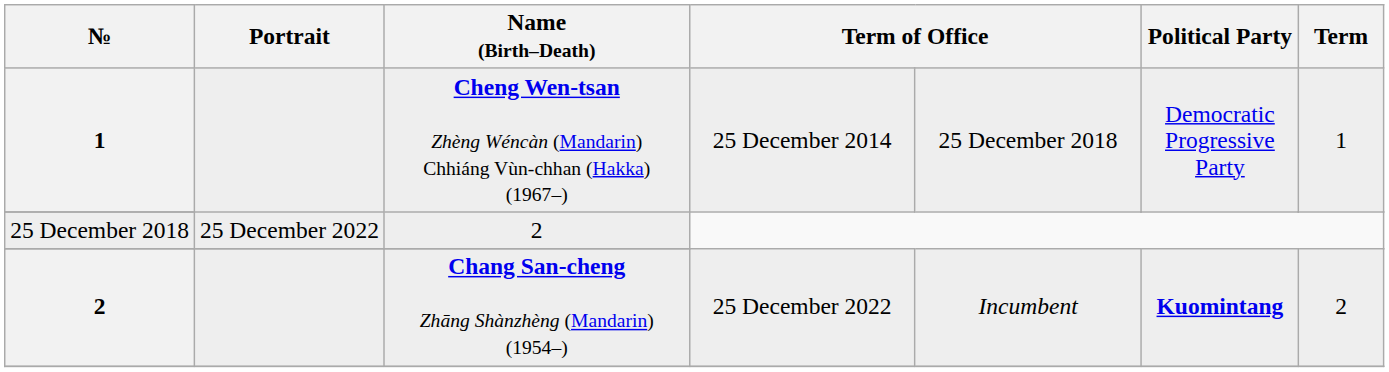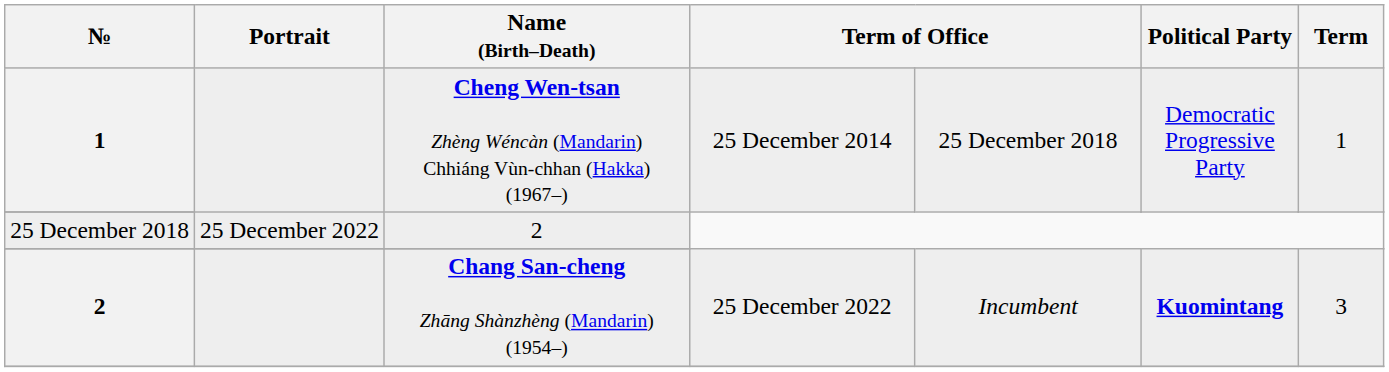 <table class="wikitable" style="text-align:center">
 <tr>
 <th>№</th>
 <th>Portrait</th>
 <th width="200">Name<br><small>(Birth–Death)</small></th>
 <th colspan=2 width="300">Term of Office</th>
 <th width="100">Political Party</th>
 <th width = "50">Term</th>
 </tr>
 <tr - bgcolor=#EEEEEE>
 <th style="background:">1</th>
 <td align=center rowspan=2></td>
 <td align=center rowspan=2><strong><a href='#'>Cheng Wen-tsan</a></strong> <br><br><small><em>Zhèng Wéncàn</em> (<a href='#'>Mandarin</a>)<br>Chhiáng Vùn-chhan (<a href='#'>Hakka</a>)<br>(1967–)</small></td>
 <td>25 December 2014</td>
 <td>25 December 2018</td>
 <td rowspan=2><a href='#'>Democratic Progressive Party</a></td>
 <td>1</td>
 </tr>
 <tr ->
 </tr>
 <tr - bgcolor=#EEEEEE>
 <td>25 December 2018</td>
 <td>25 December 2022</td>
 <td>2</td>
 </tr>
 <tr ->
 </tr>
 <tr - bgcolor=#EEEEEE>
 <th style="background:">2</th>
 <td align=center></td>
 <td align=center><strong><a href='#'>Chang San-cheng</a></strong> <br><br><small><em>Zhāng Shànzhèng</em> (<a href='#'>Mandarin</a>)<br>(1954–)</small></td>
 <td>25 December 2022</td>
 <td><em>Incumbent</em></td>
 <td><strong><a href='#'>Kuomintang</a></strong></td>
-<td>2</td>
+<td>3</td>
 </tr>
 <tr ->
 </tr>
 </table>
